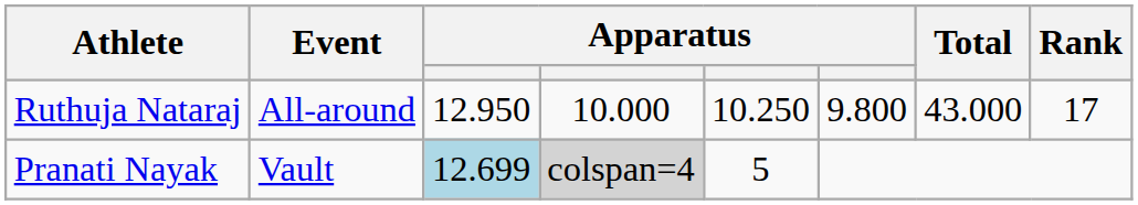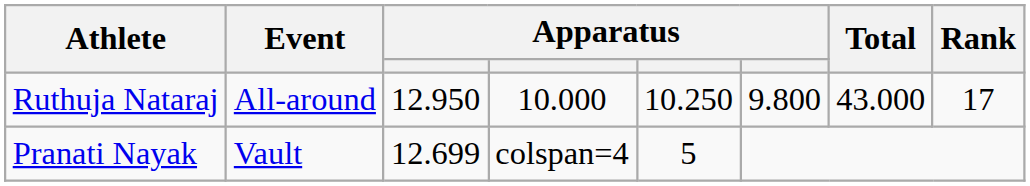 <table class="wikitable" style="font-size:90%;text-align:center;">
 <tr>
 <th rowspan=2>Athlete</th>
 <th rowspan=2>Event</th>
 <th colspan=4>Apparatus</th>
 <th rowspan=2>Total</th>
 <th rowspan=2>Rank</th>
 </tr>
 <tr style="font-size:95%">
 <th></th>
 <th></th>
 <th></th>
 <th></th>
 </tr>
 <tr>
 <td align=left><a href='#'>Ruthuja Nataraj</a></td>
 <td align=left><a href='#'>All-around</a></td>
 <td>12.950</td>
 <td>10.000</td>
 <td>10.250</td>
 <td>9.800</td>
 <td>43.000</td>
 <td>17</td>
 </tr>
 <tr>
 <td align=left><a href='#'>Pranati Nayak</a></td>
 <td align=left><a href='#'>Vault</a></td>
-<td style="background: lightblue;">12.699</td>
-<td style="background: lightgrey;">colspan=4 </td>
+<td>12.699</td>
+<td>colspan=4 </td>
 <td>5</td>
 </tr>
 </table>
